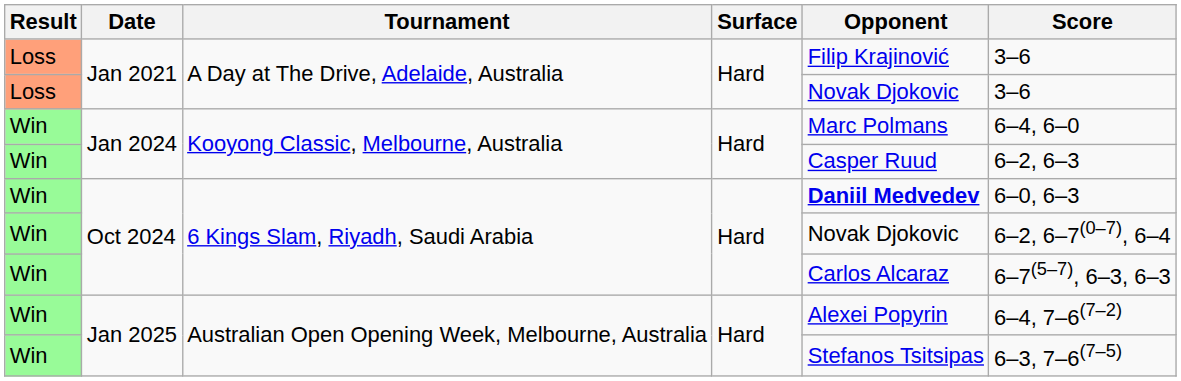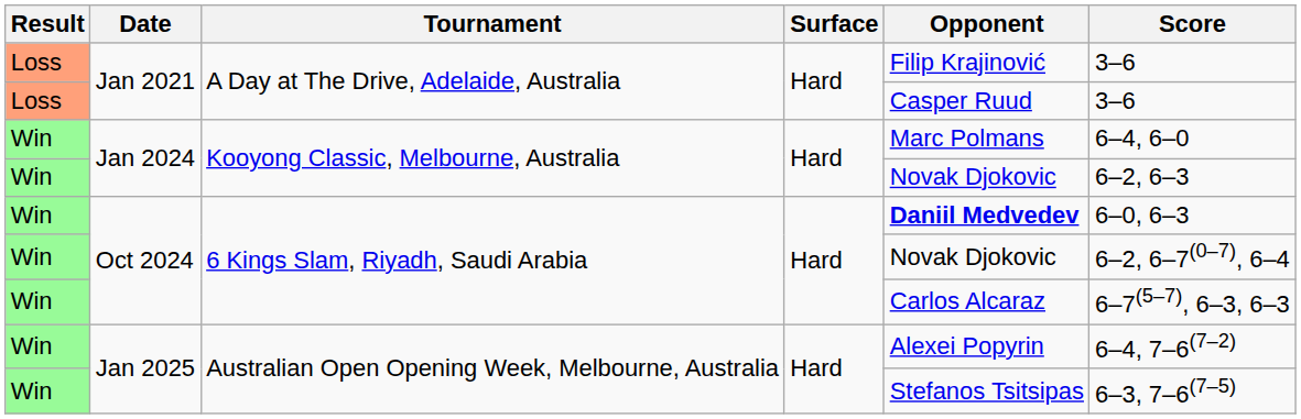 <table class="sortable wikitable">
 <tr>
 <th>Result</th>
 <th>Date</th>
 <th>Tournament</th>
 <th>Surface</th>
 <th>Opponent</th>
 <th>Score</th>
 </tr>
 <tr>
 <td style=background:#ffa07a>Loss</td>
 <td rowspan="2">Jan 2021</td>
 <td rowspan="2">A Day at The Drive, <a href='#'>Adelaide</a>, Australia</td>
 <td rowspan="2">Hard</td>
 <td> <a href='#'>Filip Krajinović</a></td>
 <td>3–6</td>
 </tr>
 <tr>
 <td style=background:#ffa07a>Loss</td>
-<td> <a href='#'>Novak Djokovic</a></td>
+<td> <a href='#'>Casper Ruud</a></td>
 <td>3–6</td>
 </tr>
 <tr>
 <td style=background:#98fb98>Win</td>
 <td rowspan="2">Jan 2024</td>
 <td rowspan="2"><a href='#'>Kooyong Classic</a>, <a href='#'>Melbourne</a>, Australia</td>
 <td rowspan="2">Hard</td>
 <td> <a href='#'>Marc Polmans</a></td>
 <td>6–4, 6–0</td>
 </tr>
 <tr>
 <td style=background:#98fb98>Win</td>
-<td> <a href='#'>Casper Ruud</a></td>
+<td> <a href='#'>Novak Djokovic</a></td>
 <td>6–2, 6–3</td>
 </tr>
 <tr>
 <td style=background:#98fb98>Win</td>
 <td rowspan="3">Oct 2024</td>
 <td rowspan="3"><a href='#'>6 Kings Slam</a>, <a href='#'>Riyadh</a>, Saudi Arabia</td>
 <td rowspan="3">Hard</td>
 <td><strong> <a href='#'>Daniil Medvedev</a></strong></td>
 <td>6–0, 6–3</td>
 </tr>
 <tr>
 <td style=background:#98fb98>Win</td>
 <td> Novak Djokovic</td>
 <td>6–2, 6–7<sup>(0–7)</sup>, 6–4</td>
 </tr>
 <tr>
 <td bgcolor=98fb98>Win</td>
 <td> <a href='#'>Carlos Alcaraz</a></td>
 <td>6–7<sup>(5–7)</sup>, 6–3, 6–3</td>
 </tr>
 <tr>
 <td style=background:#98fb98>Win</td>
 <td rowspan="2">Jan 2025</td>
 <td rowspan="2">Australian Open Opening Week, Melbourne, Australia</td>
 <td rowspan="2">Hard</td>
 <td> <a href='#'>Alexei Popyrin</a></td>
 <td>6–4, 7–6<sup>(7–2)</sup></td>
 </tr>
 <tr>
 <td style=background:#98fb98>Win</td>
 <td> <a href='#'>Stefanos Tsitsipas</a></td>
 <td>6–3, 7–6<sup>(7–5)</sup></td>
 </tr>
 </table>
